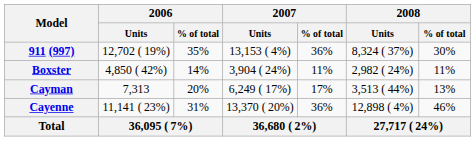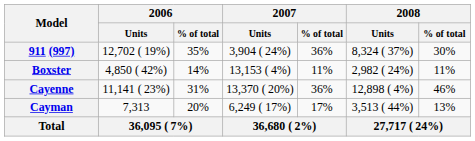 <table class="wikitable" style="text-align:center; text-size:94%;">
 <tr>
 <th rowspan="2" style="width:120px;">Model</th>
 <th colspan="2" style="width:160px;">2006</th>
 <th colspan="2" style="width:160px;">2007</th>
 <th colspan="2" style="width:160px;">2008</th>
 </tr>
 <tr>
 <th><small>Units</small></th>
 <th><small>% of total</small></th>
 <th><small>Units</small></th>
 <th><small>% of total</small></th>
 <th><small>Units</small></th>
 <th><small>% of total</small></th>
 </tr>
 <tr>
 <th><a href='#'>911</a> <a href='#'>(997)</a></th>
 <td>12,702 ( 19%)</td>
 <td>35%</td>
-<td>13,153 ( 4%)</td>
+<td>3,904 ( 24%)</td>
 <td>36%</td>
 <td>8,324 ( 37%)</td>
 <td>30%</td>
 </tr>
 <tr>
 <th><a href='#'>Boxster</a></th>
 <td>4,850 ( 42%)</td>
 <td>14%</td>
-<td>3,904 ( 24%)</td>
+<td>13,153 ( 4%)</td>
 <td>11%</td>
 <td>2,982 ( 24%)</td>
 <td>11%</td>
+</tr>
+<tr>
+<th><a href='#'>Cayenne</a></th>
+<td>11,141 ( 23%)</td>
+<td>31%</td>
+<td>13,370 ( 20%)</td>
+<td>36%</td>
+<td>12,898 ( 4%)</td>
+<td>46%</td>
 </tr>
 <tr>
 <th><a href='#'>Cayman</a></th>
 <td>7,313</td>
 <td>20%</td>
 <td>6,249 ( 17%)</td>
 <td>17%</td>
 <td>3,513 ( 44%)</td>
 <td>13%</td>
 </tr>
-<tr>
-<th><a href='#'>Cayenne</a></th>
-<td>11,141 ( 23%)</td>
-<td>31%</td>
-<td>13,370 ( 20%)</td>
-<td>36%</td>
-<td>12,898 ( 4%)</td>
-<td>46%</td>
-</tr>
 <tr style="background:WhiteSmoke;">
 <th>Total</th>
 <th colspan=2>36,095 ( 7%)</th>
 <th colspan=2>36,680 ( 2%)</th>
 <th colspan=2>27,717 ( 24%)</th>
 </tr>
 </table>
